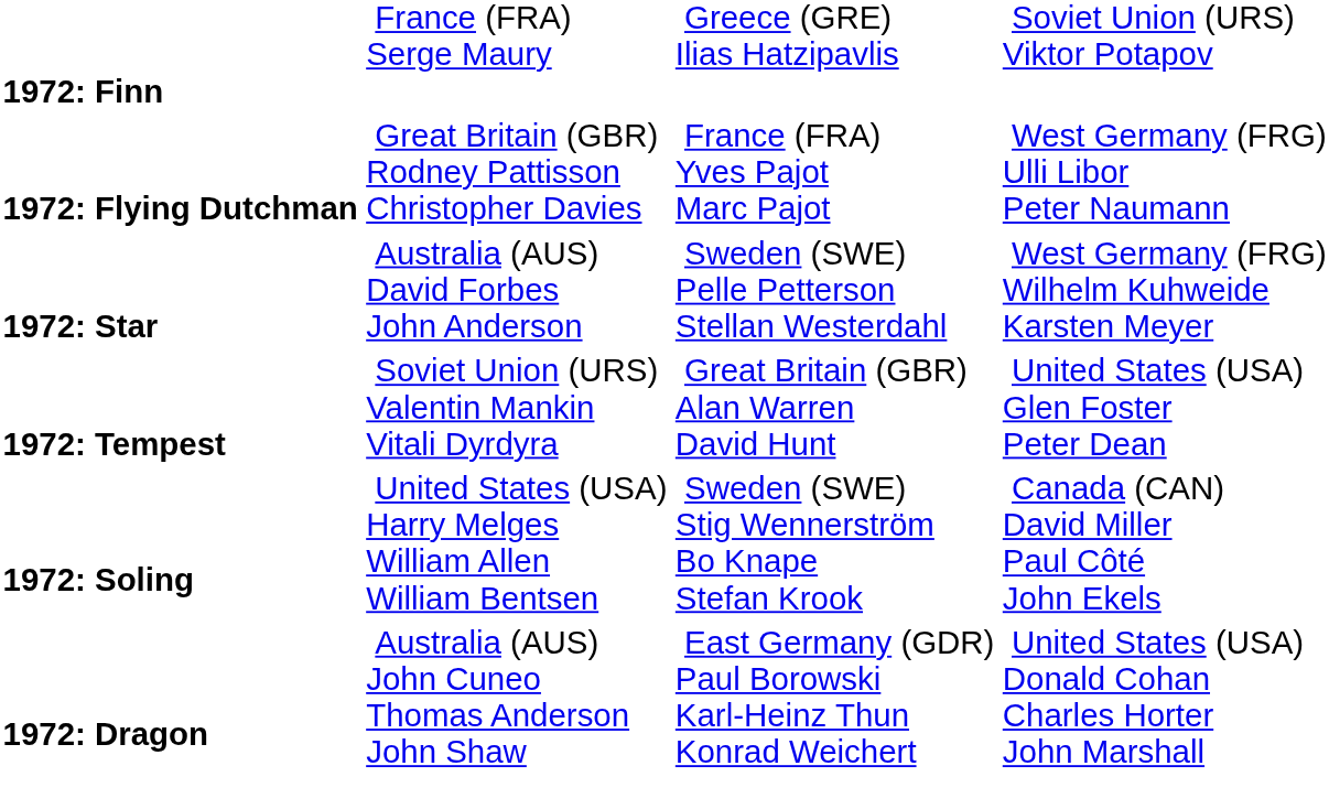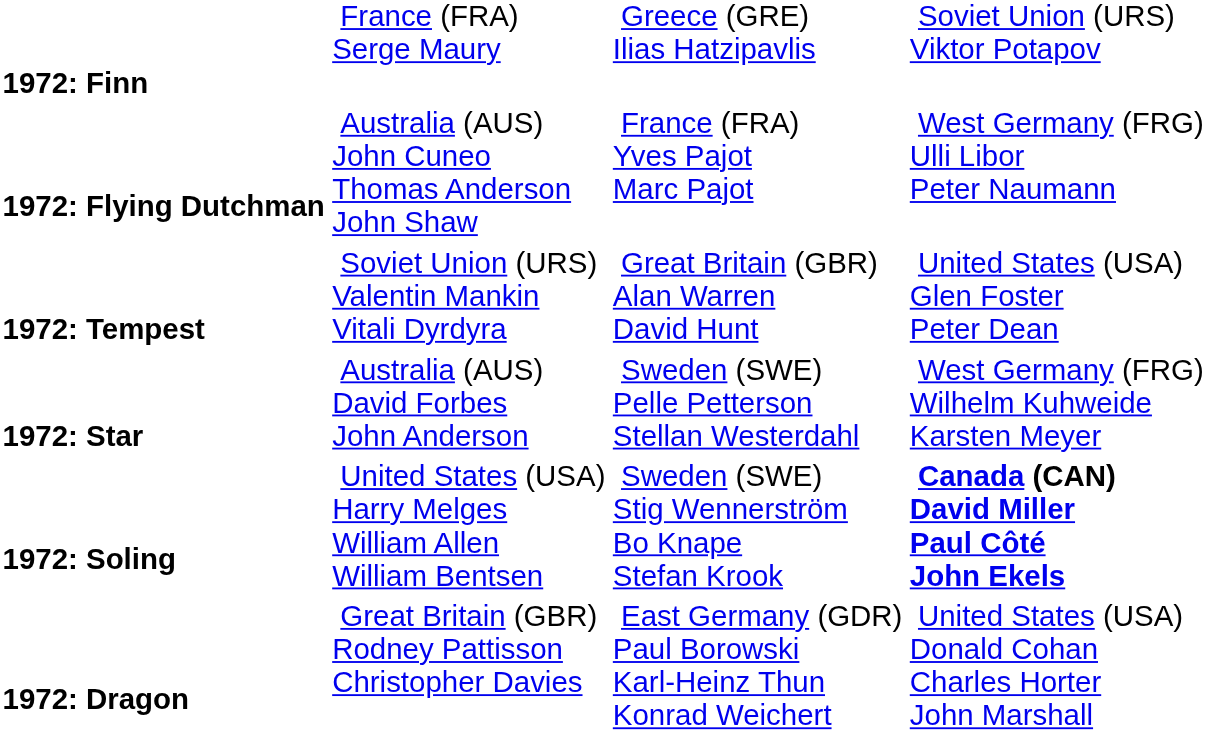 <table>
 <tr>
 <td style="align:center;"><br><br><strong>1972: Finn</strong> <br></td>
 <td style="vertical-align:top;"> <a href='#'>France</a> <span>(FRA)</span><br><a href='#'>Serge Maury</a></td>
 <td style="vertical-align:top;"> <a href='#'>Greece</a> <span>(GRE)</span><br><a href='#'>Ilias Hatzipavlis</a></td>
 <td style="vertical-align:top;"> <a href='#'>Soviet Union</a> <span>(URS)</span><br><a href='#'>Viktor Potapov</a></td>
 </tr>
 <tr>
 <td style="align:center;"><br><br><strong>1972: Flying Dutchman</strong> <br></td>
-<td style="vertical-align:top;"> <a href='#'>Great Britain</a> <span>(GBR)</span><br><a href='#'>Rodney Pattisson</a><br><a href='#'>Christopher Davies</a></td>
+<td style="vertical-align:top;"> <a href='#'>Australia</a> <span>(AUS)</span><br><a href='#'>John Cuneo</a><br><a href='#'>Thomas Anderson</a><br><a href='#'>John Shaw</a></td>
 <td style="vertical-align:top;"> <a href='#'>France</a> <span>(FRA)</span><br><a href='#'>Yves Pajot</a><br><a href='#'>Marc Pajot</a></td>
 <td style="vertical-align:top;"> <a href='#'>West Germany</a> <span>(FRG)</span><br><a href='#'>Ulli Libor</a><br><a href='#'>Peter Naumann</a></td>
+</tr>
+<tr>
+<td style="align:center;"><br><br><strong>1972: Tempest</strong> <br></td>
+<td style="vertical-align:top;"> <a href='#'>Soviet Union</a> <span>(URS)</span><br><a href='#'>Valentin Mankin</a><br><a href='#'>Vitali Dyrdyra</a></td>
+<td style="vertical-align:top;"> <a href='#'>Great Britain</a> <span>(GBR)</span><br><a href='#'>Alan Warren</a><br><a href='#'>David Hunt</a></td>
+<td style="vertical-align:top;"> <a href='#'>United States</a> <span>(USA)</span><br><a href='#'>Glen Foster</a><br><a href='#'>Peter Dean</a></td>
 </tr>
 <tr>
 <td style="align:center;"><br><br><strong>1972: Star</strong> <br></td>
 <td style="vertical-align:top;"> <a href='#'>Australia</a> <span>(AUS)</span><br><a href='#'>David Forbes</a><br><a href='#'>John Anderson</a></td>
 <td style="vertical-align:top;"> <a href='#'>Sweden</a> <span>(SWE)</span><br><a href='#'>Pelle Petterson</a><br><a href='#'>Stellan Westerdahl</a></td>
 <td style="vertical-align:top;"> <a href='#'>West Germany</a> <span>(FRG)</span><br><a href='#'>Wilhelm Kuhweide</a><br><a href='#'>Karsten Meyer</a></td>
 </tr>
 <tr>
-<td style="align:center;"><br><br><strong>1972: Tempest</strong> <br></td>
-<td style="vertical-align:top;"> <a href='#'>Soviet Union</a> <span>(URS)</span><br><a href='#'>Valentin Mankin</a><br><a href='#'>Vitali Dyrdyra</a></td>
-<td style="vertical-align:top;"> <a href='#'>Great Britain</a> <span>(GBR)</span><br><a href='#'>Alan Warren</a><br><a href='#'>David Hunt</a></td>
-<td style="vertical-align:top;"> <a href='#'>United States</a> <span>(USA)</span><br><a href='#'>Glen Foster</a><br><a href='#'>Peter Dean</a></td>
-</tr>
-<tr>
 <td style="align:center;"><br><br><strong>1972: Soling</strong> <br></td>
 <td style="vertical-align:top;"> <a href='#'>United States</a> <span>(USA)</span><br><a href='#'>Harry Melges</a><br><a href='#'>William Allen</a><br><a href='#'>William Bentsen</a></td>
 <td style="vertical-align:top;"> <a href='#'>Sweden</a> <span>(SWE)</span><br><a href='#'>Stig Wennerström</a><br><a href='#'>Bo Knape</a><br><a href='#'>Stefan Krook</a></td>
-<td style="vertical-align:top;"> <a href='#'>Canada</a> <span>(CAN)</span><br><a href='#'>David Miller</a><br><a href='#'>Paul Côté</a><br><a href='#'>John Ekels</a></td>
+<td style="vertical-align:top;"><strong> <a href='#'>Canada</a> <span>(CAN)</span><br><a href='#'>David Miller</a><br><a href='#'>Paul Côté</a><br><a href='#'>John Ekels</a></strong></td>
 </tr>
 <tr>
 <td style="align:center;"><br><br><strong>1972: Dragon</strong> <br></td>
-<td style="vertical-align:top;"> <a href='#'>Australia</a> <span>(AUS)</span><br><a href='#'>John Cuneo</a><br><a href='#'>Thomas Anderson</a><br><a href='#'>John Shaw</a></td>
+<td style="vertical-align:top;"> <a href='#'>Great Britain</a> <span>(GBR)</span><br><a href='#'>Rodney Pattisson</a><br><a href='#'>Christopher Davies</a></td>
 <td style="vertical-align:top;"> <a href='#'>East Germany</a> <span>(GDR)</span><br><a href='#'>Paul Borowski</a><br><a href='#'>Karl-Heinz Thun</a><br><a href='#'>Konrad Weichert</a></td>
 <td style="vertical-align:top;"> <a href='#'>United States</a> <span>(USA)</span><br><a href='#'>Donald Cohan</a><br><a href='#'>Charles Horter</a><br><a href='#'>John Marshall</a></td>
 </tr>
 </table>
